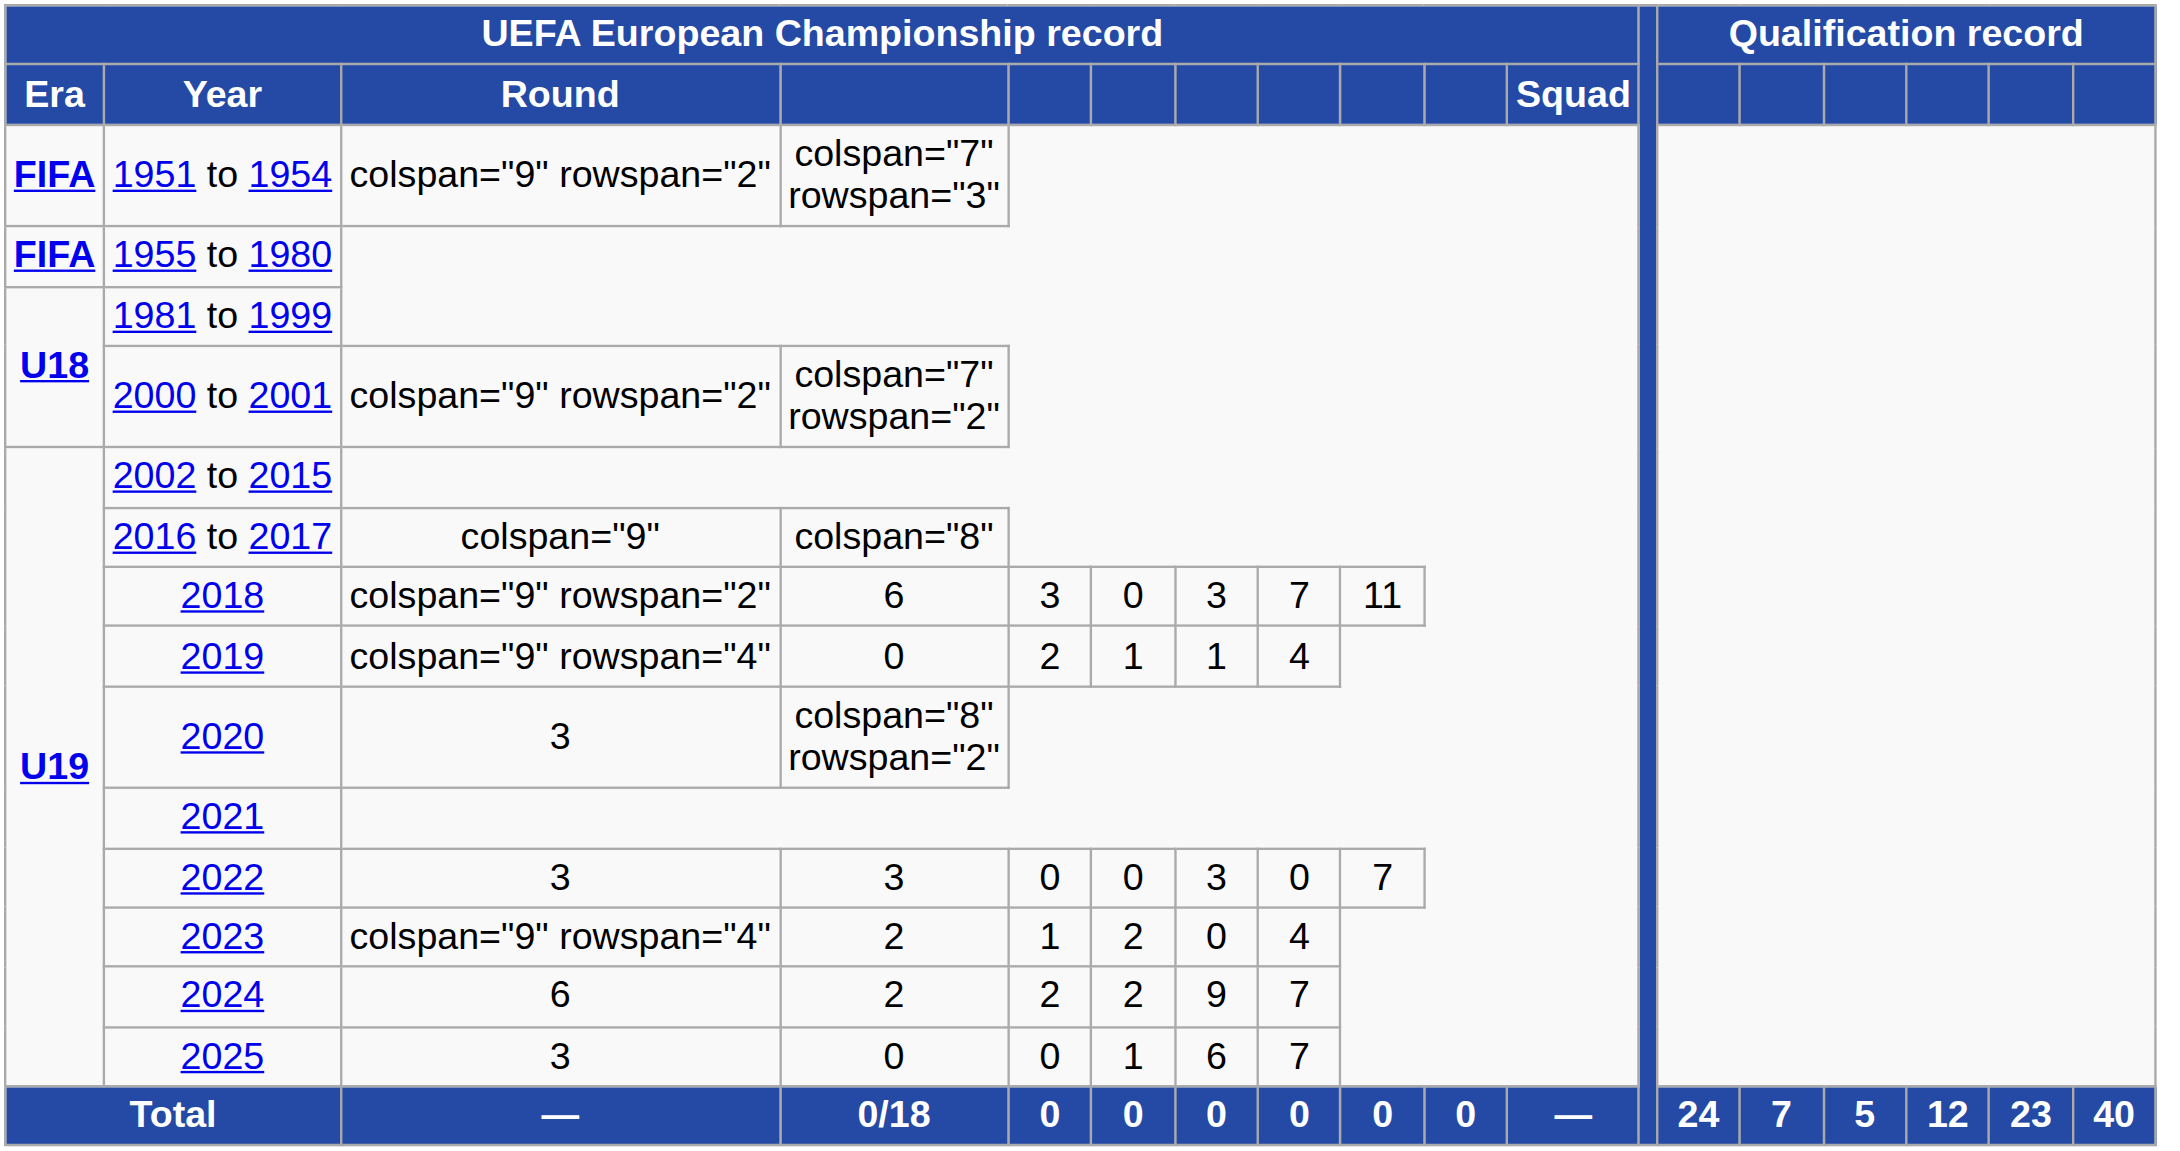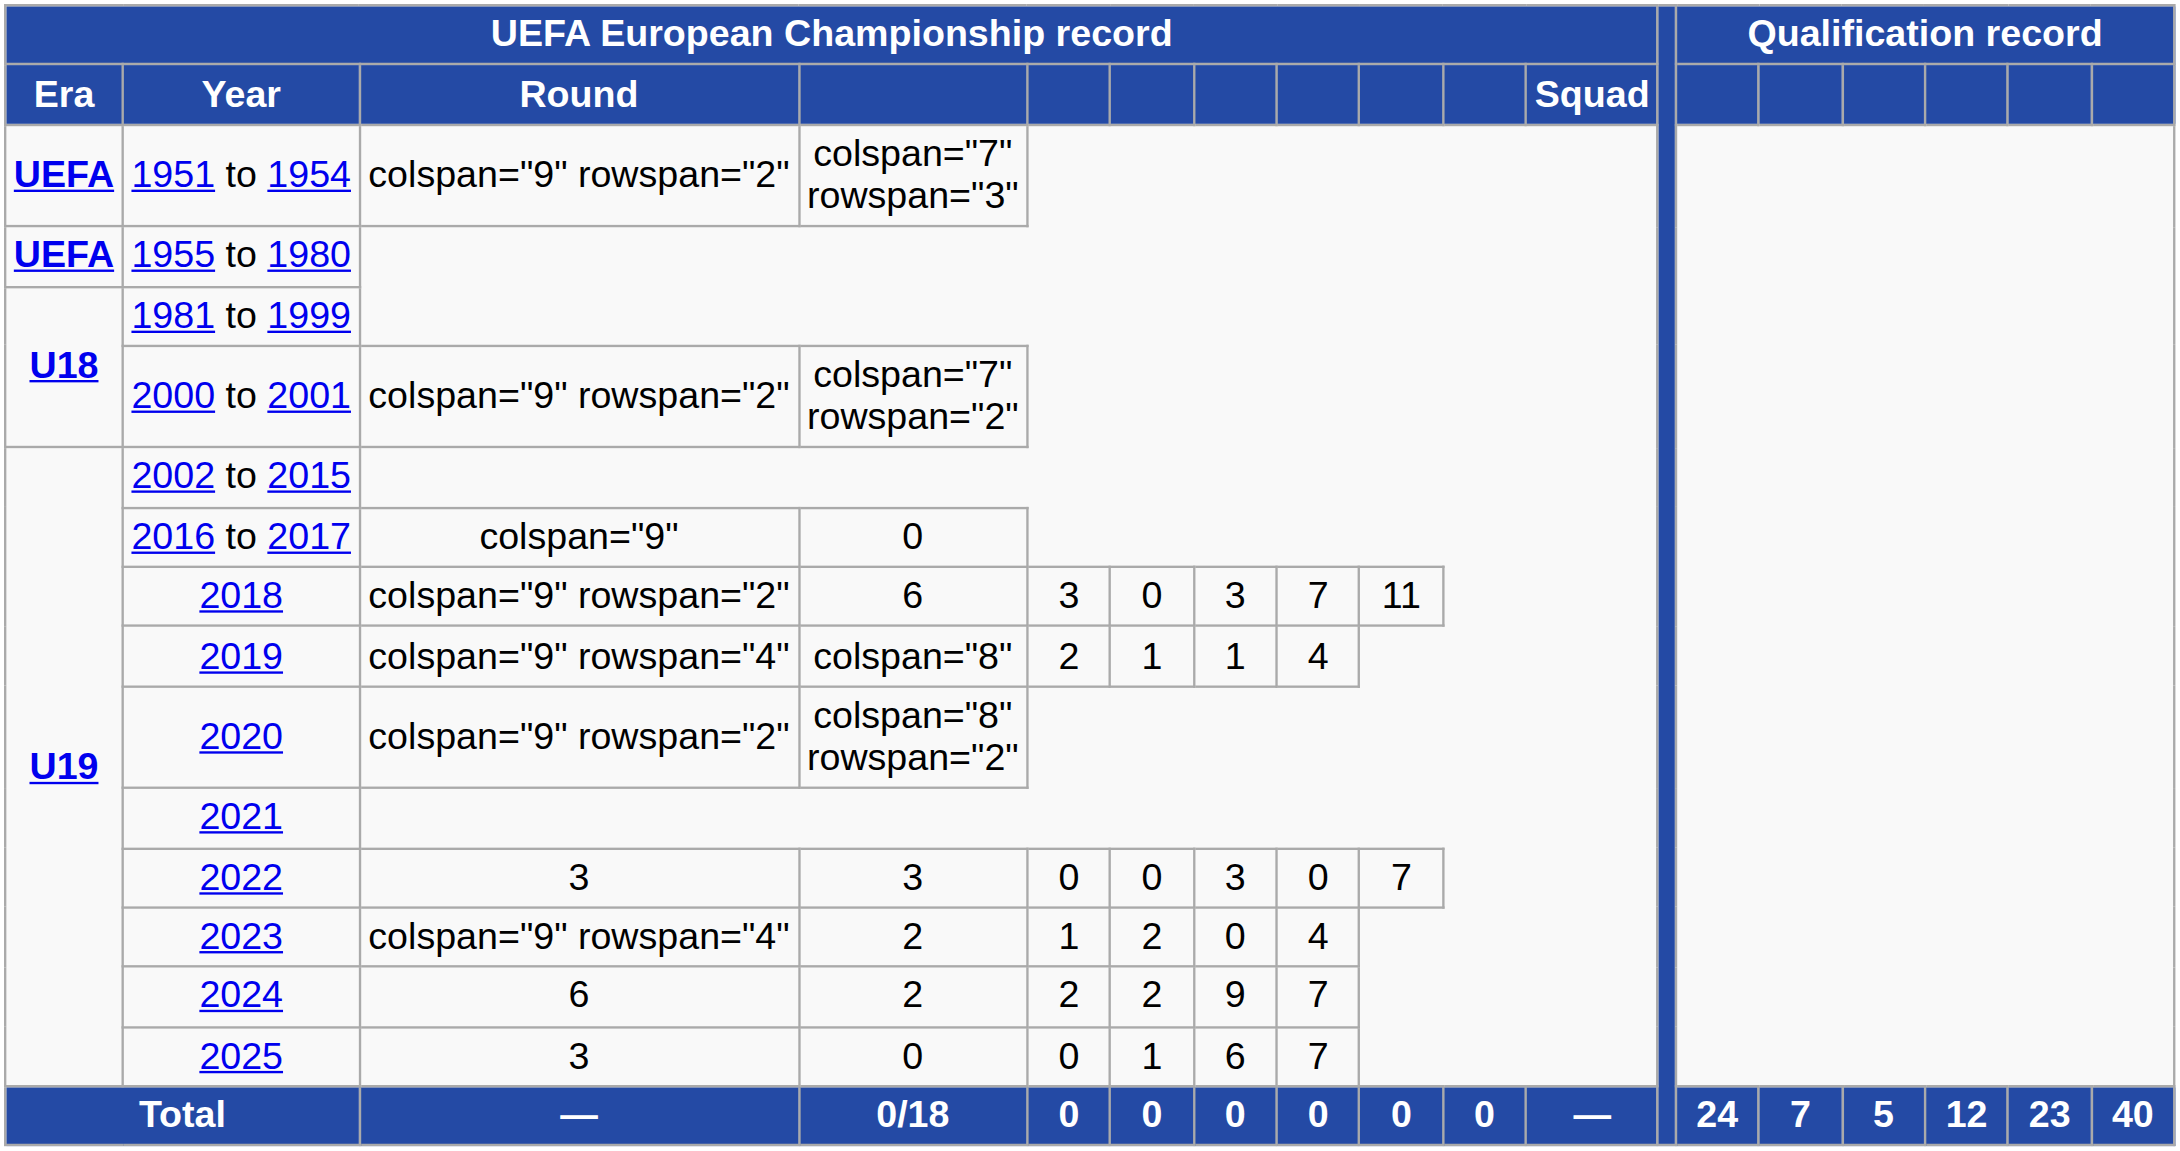 <table class="wikitable" style="text-align:center">
 <tr>
 <th colspan="11" style="background:#244AA5;color:white;">UEFA European Championship record</th>
 <th rowspan="26" style="background:#244AA5"></th>
 <th colspan="7" style="background:#244AA5;color:white;">Qualification record</th>
 </tr>
 <tr>
 <th style="background:#244AA5;color:white;">Era</th>
 <th style="background:#244AA5;color:white;">Year</th>
 <th style="background:#244AA5;color:white;">Round</th>
 <th width="28" style="background:#244AA5;color:white;"></th>
 <th width="28" style="background:#244AA5;color:white;"></th>
 <th width="28" style="background:#244AA5;color:white;"></th>
 <th width="28" style="background:#244AA5;color:white;"></th>
 <th width="28" style="background:#244AA5;color:white;"></th>
 <th width="28" style="background:#244AA5;color:white;"></th>
 <th width="28" style="background:#244AA5;color:white;"></th>
 <th style="background:#244AA5;color:white;">Squad</th>
 <th width="28" style="background:#244AA5;color:white;"></th>
 <th width="28" style="background:#244AA5;color:white;"></th>
 <th width="28" style="background:#244AA5;color:white;"></th>
 <th width="28" style="background:#244AA5;color:white;"></th>
 <th width="28" style="background:#244AA5;color:white;"></th>
 <th width="28" style="background:#244AA5;color:white;"></th>
 </tr>
 <tr>
-<td rowspan="1"><strong><a href='#'>FIFA</a></strong></td>
+<td rowspan="1"><strong><a href='#'>UEFA</a></strong></td>
 <td> <a href='#'>1951</a> to  <a href='#'>1954</a></td>
 <td>colspan="9" rowspan="2" </td>
 <td>colspan="7" rowspan="3" </td>
 </tr>
 <tr>
-<td rowspan="1"><strong><a href='#'>FIFA</a></strong></td>
+<td rowspan="1"><strong><a href='#'>UEFA</a></strong></td>
 <td> <a href='#'>1955</a> to  <a href='#'>1980</a></td>
 </tr>
 <tr>
 <td rowspan="2"><strong><a href='#'>U18</a></strong></td>
 <td> <a href='#'>1981</a> to  <a href='#'>1999</a></td>
 </tr>
 <tr>
 <td> <a href='#'>2000</a> to  <a href='#'>2001</a></td>
 <td>colspan="9" rowspan="2" </td>
 <td>colspan="7" rowspan="2" </td>
 </tr>
 <tr>
 <td rowspan="10"><strong><a href='#'>U19</a></strong></td>
 <td> <a href='#'>2002</a> to  <a href='#'>2015</a></td>
 </tr>
 <tr>
 <td> <a href='#'>2016</a> to  <a href='#'>2017</a></td>
 <td>colspan="9" </td>
-<td>colspan="8" </td>
+<td>0</td>
 </tr>
 <tr>
 <td> <a href='#'>2018</a></td>
 <td>colspan="9" rowspan="2" </td>
 <td>6</td>
 <td>3</td>
 <td>0</td>
 <td>3</td>
 <td>7</td>
 <td>11</td>
 </tr>
 <tr>
 <td> <a href='#'>2019</a></td>
 <td>colspan="9" rowspan="4"</td>
-<td>0</td>
+<td>colspan="8" </td>
 <td>2</td>
 <td>1</td>
 <td>1</td>
 <td>4</td>
 </tr>
 <tr>
 <td> <a href='#'>2020</a></td>
-<td>3</td>
+<td>colspan="9" rowspan="2" </td>
 <td>colspan="8" rowspan="2" </td>
 </tr>
 <tr>
 <td> <a href='#'>2021</a></td>
 </tr>
 <tr>
 <td> <a href='#'>2022</a></td>
 <td>3</td>
 <td>3</td>
 <td>0</td>
 <td>0</td>
 <td>3</td>
 <td>0</td>
 <td>7</td>
 </tr>
 <tr>
 <td> <a href='#'>2023</a></td>
 <td>colspan="9" rowspan="4"</td>
 <td>2</td>
 <td>1</td>
 <td>2</td>
 <td>0</td>
 <td>4</td>
 </tr>
 <tr>
 <td> <a href='#'>2024</a></td>
 <td>6</td>
 <td>2</td>
 <td>2</td>
 <td>2</td>
 <td>9</td>
 <td>7</td>
 </tr>
 <tr>
 <td> <a href='#'>2025</a></td>
 <td>3</td>
 <td>0</td>
 <td>0</td>
 <td>1</td>
 <td>6</td>
 <td>7</td>
 </tr>
 <tr>
 <th colspan="2" style="background:#244AA5;color:white;">Total</th>
 <th style="background:#244AA5;color:white;">—</th>
 <th style="background:#244AA5;color:white;">0/18</th>
 <th style="background:#244AA5;color:white;">0</th>
 <th style="background:#244AA5;color:white;">0</th>
 <th style="background:#244AA5;color:white;">0</th>
 <th style="background:#244AA5;color:white;">0</th>
 <th style="background:#244AA5;color:white;">0</th>
 <th style="background:#244AA5;color:white;">0</th>
 <th style="background:#244AA5;color:white;">—</th>
 <th style="background:#244AA5;color:white;">24</th>
 <th style="background:#244AA5;color:white;">7</th>
 <th style="background:#244AA5;color:white;">5</th>
 <th style="background:#244AA5;color:white;">12</th>
 <th style="background:#244AA5;color:white;">23</th>
 <th style="background:#244AA5;color:white;">40</th>
 </tr>
 </table>
